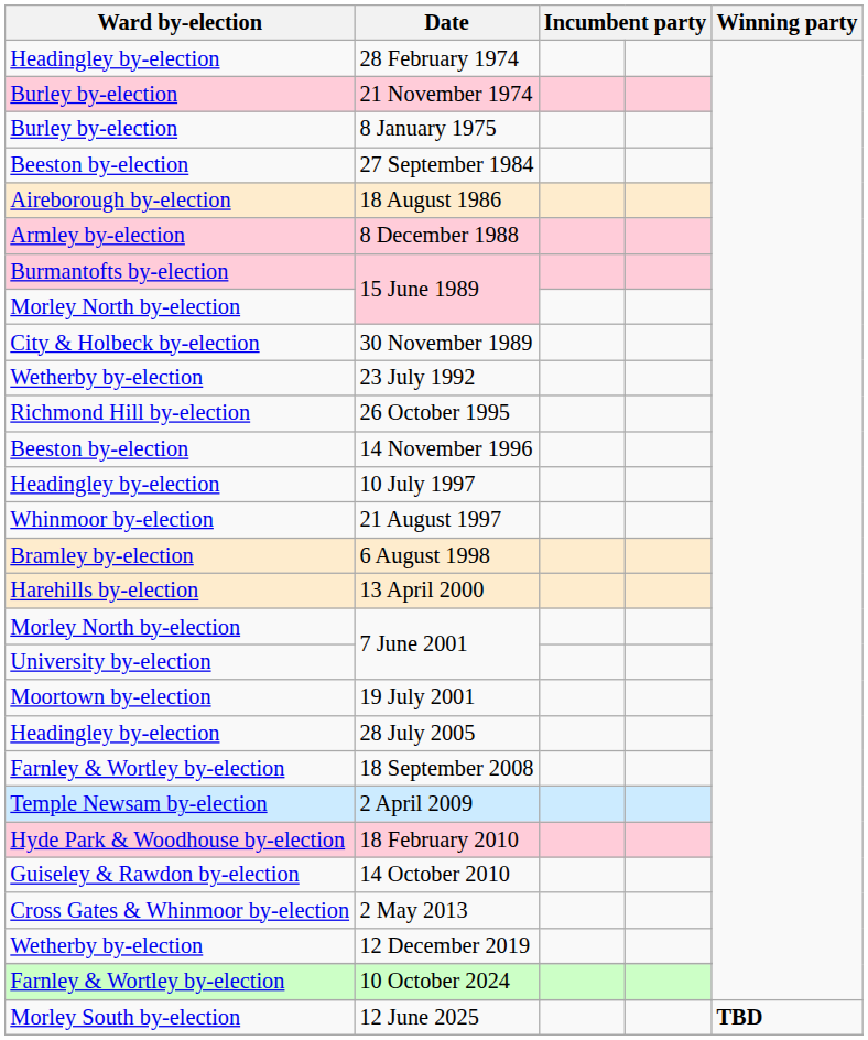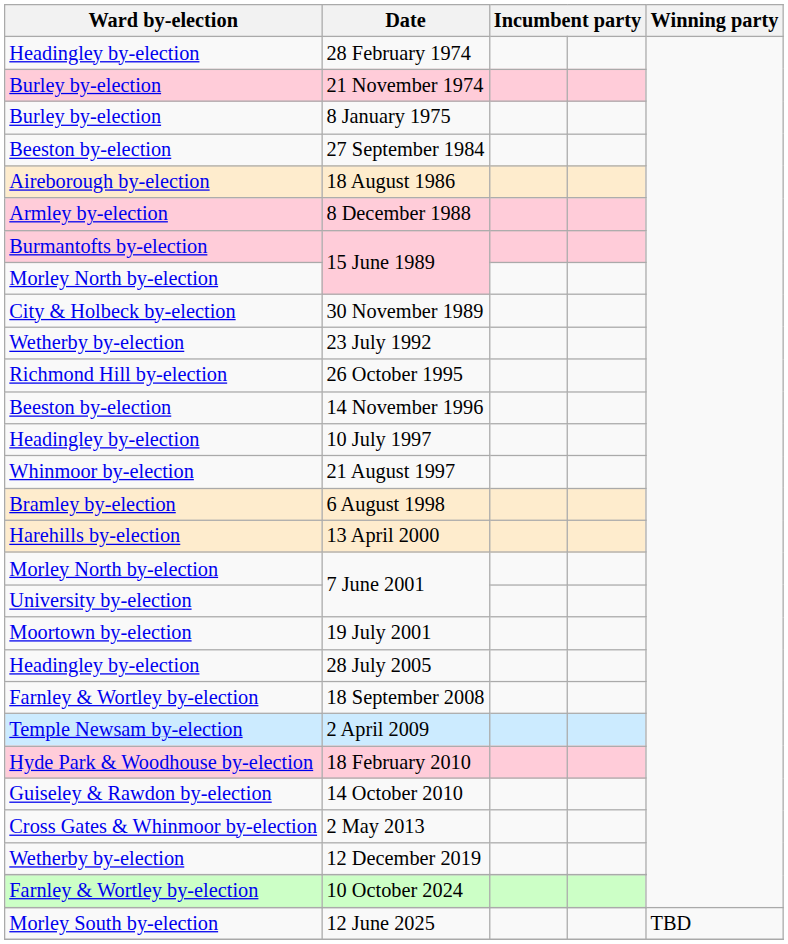 <table class="wikitable">
 <tr>
 <th>Ward by-election</th>
 <th>Date</th>
 <th colspan=2>Incumbent party</th>
 <th colspan=2>Winning party</th>
 </tr>
 <tr>
 <td><a href='#'>Headingley by-election</a></td>
 <td>28 February 1974</td>
 <td></td>
 <td></td>
 </tr>
 <tr bgcolor=FFCCD9>
 <td><a href='#'>Burley by-election</a></td>
 <td>21 November 1974</td>
 <td></td>
 <td></td>
 </tr>
 <tr>
 <td><a href='#'>Burley by-election</a></td>
 <td>8 January 1975</td>
 <td></td>
 <td></td>
 </tr>
 <tr>
 <td><a href='#'>Beeston by-election</a></td>
 <td>27 September 1984</td>
 <td></td>
 <td></td>
 </tr>
 <tr bgcolor=#FEECCD>
 <td><a href='#'>Aireborough by-election</a></td>
 <td>18 August 1986</td>
 <td></td>
 <td></td>
 </tr>
 <tr bgcolor=FFCCD9>
 <td><a href='#'>Armley by-election</a></td>
 <td>8 December 1988</td>
 <td></td>
 <td></td>
 </tr>
 <tr bgcolor=FFCCD9>
 <td><a href='#'>Burmantofts by-election</a></td>
 <td rowspan="2">15 June 1989</td>
 <td></td>
 <td></td>
 </tr>
 <tr>
 <td><a href='#'>Morley North by-election</a></td>
 <td></td>
 <td></td>
 </tr>
 <tr>
 <td><a href='#'>City & Holbeck by-election</a></td>
 <td>30 November 1989</td>
 <td></td>
 <td></td>
 </tr>
 <tr>
 <td><a href='#'>Wetherby by-election</a></td>
 <td>23 July 1992</td>
 <td></td>
 <td></td>
 </tr>
 <tr>
 <td><a href='#'>Richmond Hill by-election</a></td>
 <td>26 October 1995</td>
 <td></td>
 <td></td>
 </tr>
 <tr>
 <td><a href='#'>Beeston by-election</a></td>
 <td>14 November 1996</td>
 <td></td>
 <td></td>
 </tr>
 <tr>
 <td><a href='#'>Headingley by-election</a></td>
 <td>10 July 1997</td>
 <td></td>
 <td></td>
 </tr>
 <tr>
 <td><a href='#'>Whinmoor by-election</a></td>
 <td>21 August 1997</td>
 <td></td>
 <td></td>
 </tr>
 <tr bgcolor=#FEECCD>
 <td><a href='#'>Bramley by-election</a></td>
 <td>6 August 1998</td>
 <td></td>
 <td></td>
 </tr>
 <tr bgcolor=#FEECCD>
 <td><a href='#'>Harehills by-election</a></td>
 <td>13 April 2000</td>
 <td></td>
 <td></td>
 </tr>
 <tr>
 <td><a href='#'>Morley North by-election</a></td>
 <td rowspan="2">7 June 2001</td>
 <td></td>
 <td></td>
 </tr>
 <tr>
 <td><a href='#'>University by-election</a></td>
 <td></td>
 <td></td>
 </tr>
 <tr>
 <td><a href='#'>Moortown by-election</a></td>
 <td>19 July 2001</td>
 <td></td>
 <td></td>
 </tr>
 <tr>
 <td><a href='#'>Headingley by-election</a></td>
 <td>28 July 2005</td>
 <td></td>
 <td></td>
 </tr>
 <tr>
 <td><a href='#'>Farnley & Wortley by-election</a></td>
 <td>18 September 2008</td>
 <td></td>
 <td></td>
 </tr>
 <tr bgcolor=CCEBFF>
 <td><a href='#'>Temple Newsam by-election</a></td>
 <td>2 April 2009</td>
 <td></td>
 <td></td>
 </tr>
 <tr bgcolor=FFCCD9>
 <td><a href='#'>Hyde Park & Woodhouse by-election</a></td>
 <td>18 February 2010</td>
 <td></td>
 <td></td>
 </tr>
 <tr>
 <td><a href='#'>Guiseley & Rawdon by-election</a></td>
 <td>14 October 2010</td>
 <td></td>
 <td></td>
 </tr>
 <tr>
 <td><a href='#'>Cross Gates & Whinmoor by-election</a></td>
 <td>2 May 2013</td>
 <td></td>
 <td></td>
 </tr>
 <tr>
 <td><a href='#'>Wetherby by-election</a></td>
 <td>12 December 2019</td>
 <td></td>
 <td></td>
 </tr>
 <tr>
 </tr>
 <tr bgcolor=CCFFC6>
 <td><a href='#'>Farnley & Wortley by-election</a></td>
 <td>10 October 2024</td>
 <td></td>
 <td></td>
 </tr>
 <tr>
 </tr>
 <tr bgcolor=>
 <td><a href='#'>Morley South by-election</a></td>
 <td>12 June 2025</td>
 <td></td>
 <td></td>
-<td><strong>TBD</strong></td>
+<td>TBD</td>
 </tr>
 <tr>
 </tr>
 </table>
